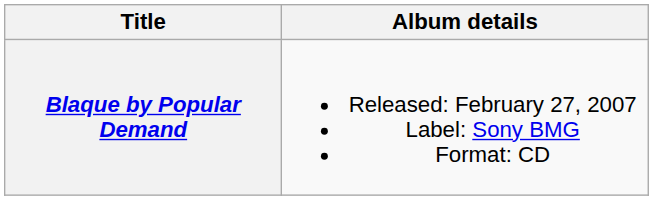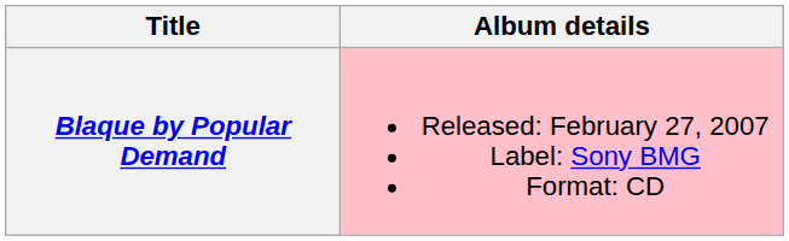 <table class="wikitable plainrowheaders" style="text-align:center;" border="1">
 <tr>
 <th scope="col" style="width:12em;">Title</th>
 <th scope="col" style="width:16em;">Album details</th>
 </tr>
 <tr>
 <th scope="row"><em><a href='#'>Blaque by Popular Demand</a></em></th>
-<td><br><ul><li>Released: 	February 27, 2007</li><li>Label: <a href='#'>Sony BMG</a></li><li>Format: CD</li></ul></td>
+<td style="background: pink;"><br><ul><li>Released: 	February 27, 2007</li><li>Label: <a href='#'>Sony BMG</a></li><li>Format: CD</li></ul></td>
 </tr>
 </table>
